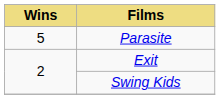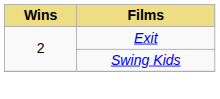 <table class="wikitable plainrowheaders" style="width:15em; text-align:center;">
 <tr>
 <th style="background:#EEDD82;" ! align="center">Wins</th>
 <th style="background:#EEDD82;" ! align="center">Films</th>
-</tr>
-<tr>
-<td style="text-align:center">5</td>
-<td><em><a href='#'> Parasite</a></em></td>
 </tr>
 <tr>
 <td rowspan="2" style="text-align:center">2</td>
 <td><em><a href='#'> Exit</a></em></td>
 </tr>
 <tr>
 <td><em><a href='#'> Swing Kids</a></em></td>
 </tr>
 <tr>
 </tr>
 </table>
